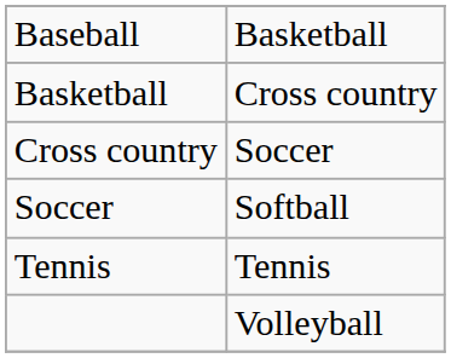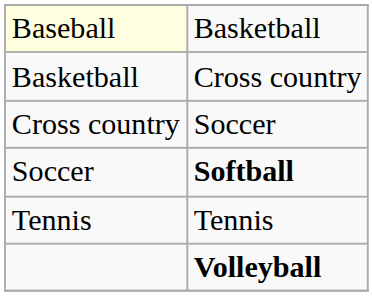 <table class="wikitable">
 <tr>
 </tr>
 <tr>
-<td>Baseball</td>
+<td style="background: lightyellow;">Baseball</td>
 <td>Basketball</td>
 </tr>
 <tr>
 <td>Basketball</td>
 <td>Cross country</td>
 </tr>
 <tr>
 <td>Cross country</td>
 <td>Soccer</td>
 </tr>
 <tr>
 <td>Soccer</td>
-<td>Softball</td>
+<td><strong>Softball</strong></td>
 </tr>
 <tr>
 <td>Tennis</td>
 <td>Tennis</td>
 </tr>
 <tr>
 <td></td>
-<td>Volleyball</td>
+<td><strong>Volleyball</strong></td>
 </tr>
 <tr>
 </tr>
 </table>
